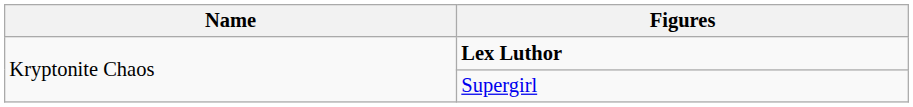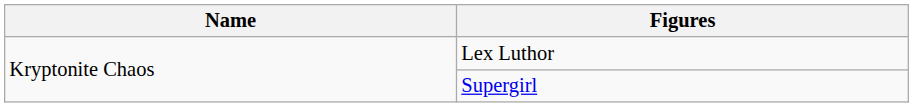 <table class="wikitable" style="width:80%;">
 <tr>
 <th width=20%><strong>Name</strong></th>
 <th width=20%><strong>Figures</strong></th>
 </tr>
 <tr>
 <td rowspan=2>Kryptonite Chaos</td>
-<td><strong>Lex Luthor</strong></td>
+<td>Lex Luthor</td>
 </tr>
 <tr>
 <td><a href='#'>Supergirl</a></td>
 </tr>
 </table>
